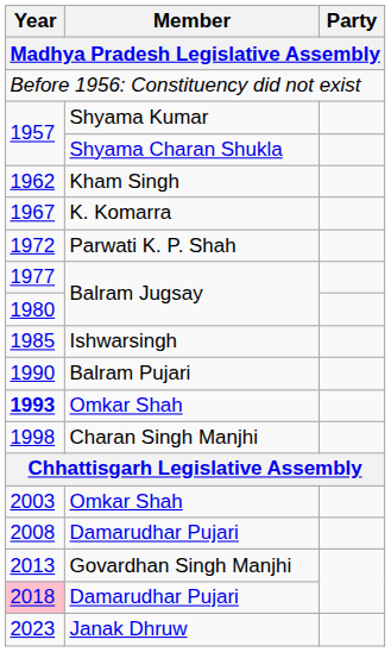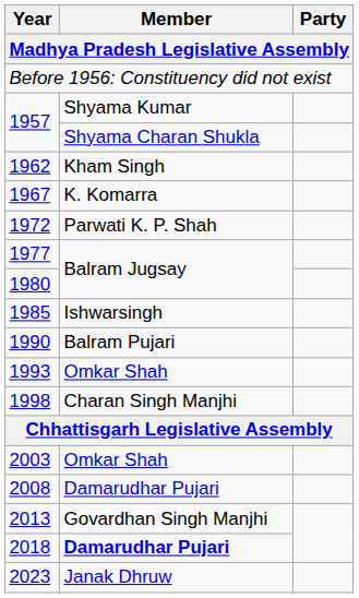 <table class="wikitable sortable">
 <tr>
 <th>Year</th>
 <th>Member</th>
 <th colspan=2>Party</th>
 </tr>
 <tr>
 <th colspan=4><a href='#'>Madhya Pradesh Legislative Assembly</a></th>
 </tr>
 <tr>
 <td colspan="4"><em>Before 1956: Constituency did not exist</em></td>
 </tr>
 <tr>
 <td rowspan="2"><a href='#'>1957</a></td>
 <td>Shyama Kumar</td>
 <td></td>
 </tr>
 <tr>
 <td><a href='#'>Shyama Charan Shukla</a></td>
 </tr>
 <tr>
 <td><a href='#'>1962</a></td>
 <td>Kham Singh</td>
 <td></td>
 </tr>
 <tr>
 <td><a href='#'>1967</a></td>
 <td>K. Komarra</td>
 <td></td>
 </tr>
 <tr>
 <td><a href='#'>1972</a></td>
 <td>Parwati K. P. Shah</td>
 <td></td>
 </tr>
 <tr>
 <td><a href='#'>1977</a></td>
 <td rowspan="2">Balram Jugsay</td>
 <td></td>
 </tr>
 <tr>
 <td><a href='#'>1980</a></td>
 <td></td>
 </tr>
 <tr>
 <td><a href='#'>1985</a></td>
 <td>Ishwarsingh</td>
 <td></td>
 </tr>
 <tr>
 <td><a href='#'>1990</a></td>
 <td>Balram Pujari</td>
 <td></td>
 </tr>
 <tr>
-<td><strong><a href='#'>1993</a></strong></td>
+<td><a href='#'>1993</a></td>
 <td><a href='#'>Omkar Shah</a></td>
 <td></td>
 </tr>
 <tr>
 <td><a href='#'>1998</a></td>
 <td>Charan Singh Manjhi</td>
 <td></td>
 </tr>
 <tr>
 <th colspan=4><a href='#'>Chhattisgarh Legislative Assembly</a></th>
 </tr>
 <tr>
 <td><a href='#'>2003</a></td>
 <td><a href='#'>Omkar Shah</a></td>
 <td></td>
 </tr>
 <tr>
 <td><a href='#'>2008</a></td>
 <td><a href='#'>Damarudhar Pujari</a></td>
 <td></td>
 </tr>
 <tr>
 <td><a href='#'>2013</a></td>
 <td>Govardhan Singh Manjhi</td>
 </tr>
 <tr>
-<td style="background: pink;"><a href='#'>2018</a></td>
-<td><a href='#'>Damarudhar Pujari</a></td>
+<td><a href='#'>2018</a></td>
+<td><strong><a href='#'>Damarudhar Pujari</a></strong></td>
 </tr>
 <tr>
 <td><a href='#'>2023</a></td>
 <td><a href='#'>Janak Dhruw</a></td>
 <td></td>
 </tr>
 </table>
